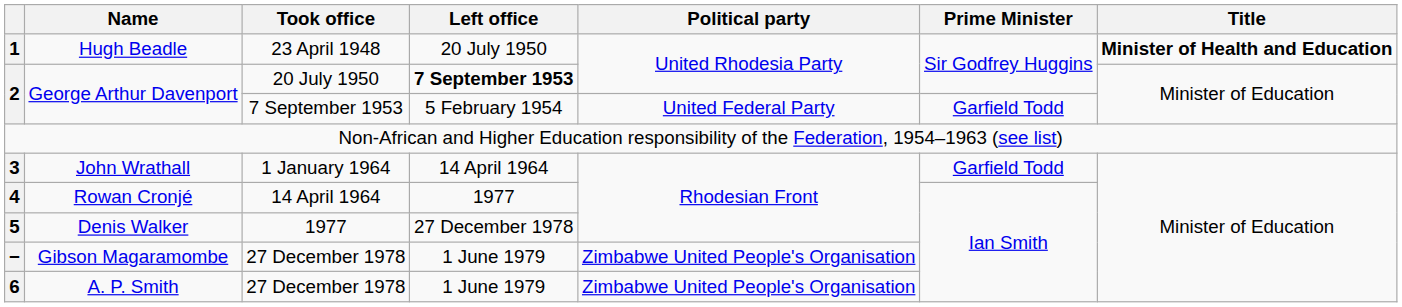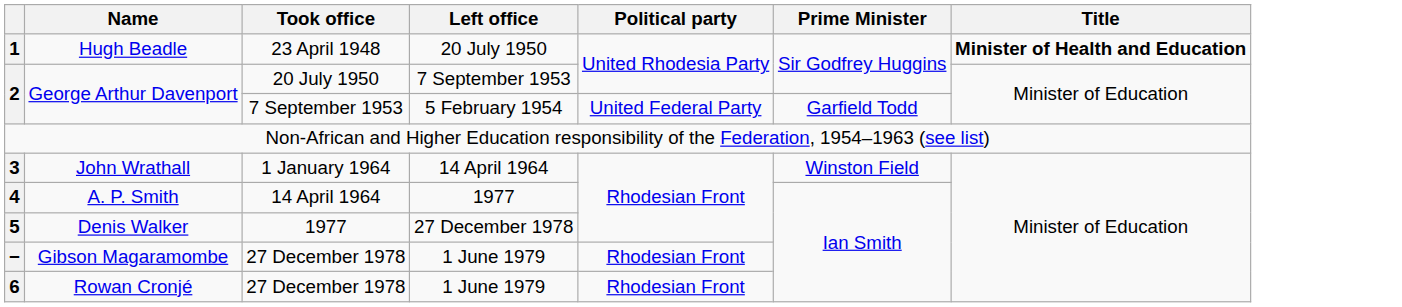 <table class="wikitable" style="text-align:center">
 <tr>
 <th></th>
 <th>Name</th>
 <th>Took office</th>
 <th>Left office</th>
 <th>Political party</th>
 <th>Prime Minister</th>
 <th>Title</th>
 </tr>
 <tr>
 <th style="background:">1</th>
 <td><a href='#'>Hugh Beadle</a></td>
 <td>23 April 1948</td>
 <td>20 July 1950</td>
 <td rowspan="2"><a href='#'>United Rhodesia Party</a></td>
 <td rowspan="2"><a href='#'>Sir Godfrey Huggins</a></td>
 <td><strong>Minister of Health and Education</strong></td>
 </tr>
 <tr>
 <th rowspan="2" style="background:">2</th>
 <td rowspan="2"><a href='#'>George Arthur Davenport</a></td>
 <td>20 July 1950</td>
-<td><strong>7 September 1953</strong></td>
+<td>7 September 1953</td>
 <td rowspan="2">Minister of Education</td>
 </tr>
 <tr>
 <td>7 September 1953</td>
 <td>5 February 1954</td>
 <td><a href='#'>United Federal Party</a></td>
 <td><a href='#'>Garfield Todd</a></td>
 </tr>
 <tr>
 <td colspan="7">Non-African and Higher Education responsibility of the <a href='#'>Federation</a>, 1954–1963 (<a href='#'>see list</a>)</td>
 </tr>
 <tr>
 <th style="background:">3</th>
 <td><a href='#'>John Wrathall</a></td>
 <td>1 January 1964</td>
 <td>14 April 1964</td>
 <td rowspan="3"><a href='#'>Rhodesian Front</a></td>
-<td><a href='#'>Garfield Todd</a></td>
+<td><a href='#'>Winston Field</a></td>
 <td rowspan="5">Minister of Education</td>
 </tr>
 <tr>
 <th style="background:">4</th>
-<td><a href='#'>Rowan Cronjé</a></td>
+<td><a href='#'>A. P. Smith</a></td>
 <td>14 April 1964</td>
 <td>1977</td>
 <td rowspan="4"><a href='#'>Ian Smith</a></td>
 </tr>
 <tr>
 <th style="background:">5</th>
 <td><a href='#'>Denis Walker</a></td>
 <td>1977</td>
 <td>27 December 1978</td>
 </tr>
 <tr>
 <th style="background:">−</th>
 <td><a href='#'>Gibson Magaramombe</a><br></td>
 <td>27 December 1978</td>
 <td>1 June 1979</td>
-<td><a href='#'>Zimbabwe United People's Organisation</a></td>
+<td><a href='#'>Rhodesian Front</a></td>
 </tr>
 <tr>
 <th style="background:">6</th>
-<td><a href='#'>A. P. Smith</a></td>
+<td><a href='#'>Rowan Cronjé</a></td>
 <td>27 December 1978</td>
 <td>1 June 1979</td>
-<td><a href='#'>Zimbabwe United People's Organisation</a></td>
+<td><a href='#'>Rhodesian Front</a></td>
 </tr>
 </table>
